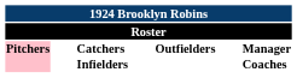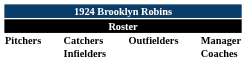 <table class="toccolours" style="font-size: 95%;">
 <tr>
 <th colspan="10" style="background-color: #083c6b; color: white; text-align: center;">1924 Brooklyn Robins</th>
 </tr>
 <tr>
 <td colspan="10" style="background-color: black; color: white; text-align: center;"><strong>Roster</strong></td>
 </tr>
 <tr>
-<td valign="top" style="background: pink;"><strong>Pitchers</strong><br>              </td>
+<td valign="top"><strong>Pitchers</strong><br>              </td>
 <td width="25px"></td>
 <td valign="top"><strong>Catchers</strong><br>   <strong>Infielders</strong>         </td>
 <td width="25px"></td>
 <td valign="top"><strong>Outfielders</strong><br>     </td>
 <td width="25px"></td>
 <td valign="top"><strong>Manager</strong><br> <strong>Coaches</strong> </td>
 </tr>
 </table>
